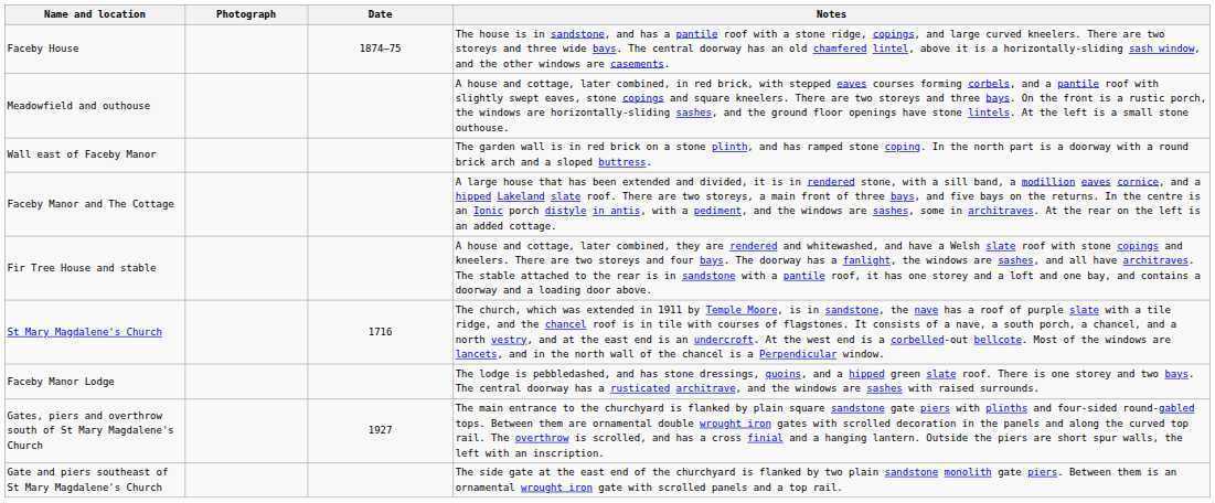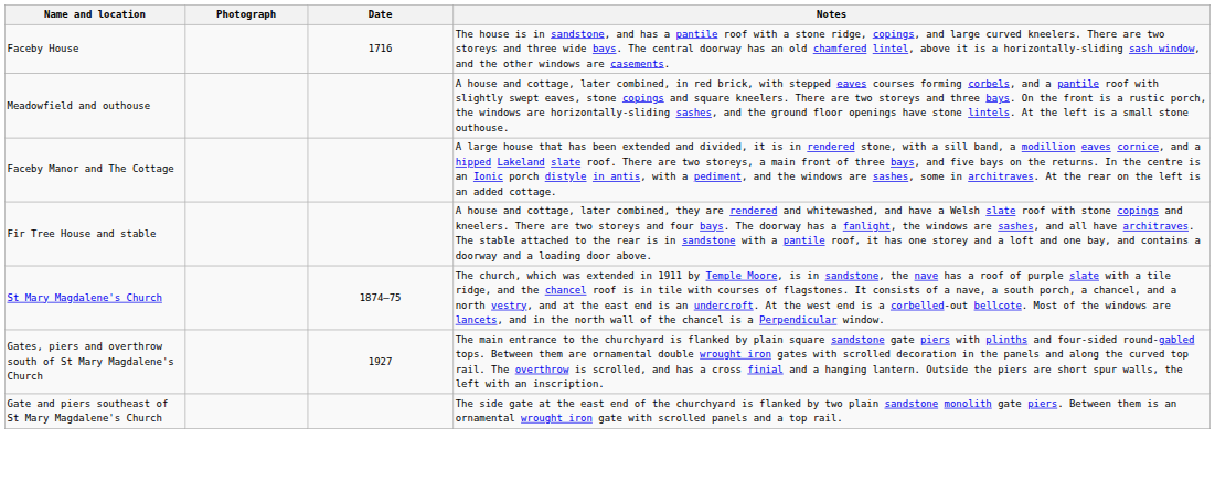 <table class="wikitable sortable plainrowheaders" style="width:100%;border:0px;text-align:left;line-height:150%;">
 <tr>
 <th scope="col"  style="width:150px">Name and location</th>
 <th scope="col"  style="width:100px" class="unsortable">Photograph</th>
 <th scope="col"  style="width:120px">Date</th>
 <th scope="col"  style="width:650px" class="unsortable">Notes</th>
 </tr>
 <tr>
 <td>Faceby House<br><small></small></td>
 <td></td>
-<td align="center">1874–75</td>
+<td align="center">1716</td>
 <td>The house is in <a href='#'>sandstone</a>, and has a <a href='#'>pantile</a> roof with a stone ridge, <a href='#'>copings</a>, and large curved kneelers.  There are two storeys and three wide <a href='#'>bays</a>.  The central doorway has an old <a href='#'>chamfered</a> <a href='#'>lintel</a>, above it is a horizontally-sliding <a href='#'>sash window</a>, and the other windows are <a href='#'>casements</a>.</td>
 </tr>
 <tr>
 <td>Meadowfield and outhouse<br><small></small></td>
 <td></td>
 <td align="center"></td>
 <td>A house and cottage, later combined, in red brick, with stepped <a href='#'>eaves</a> courses forming <a href='#'>corbels</a>, and a <a href='#'>pantile</a> roof with slightly swept eaves, stone <a href='#'>copings</a> and square kneelers.  There are two storeys and three <a href='#'>bays</a>.  On the front is a rustic porch, the windows are horizontally-sliding <a href='#'>sashes</a>, and the ground floor openings have stone <a href='#'>lintels</a>.  At the left is a small stone outhouse.</td>
-</tr>
-<tr>
-<td>Wall east of Faceby Manor<br><small></small></td>
-<td></td>
-<td align="center"></td>
-<td>The garden wall is in red brick on a stone <a href='#'>plinth</a>, and has ramped stone <a href='#'>coping</a>.  In the north part is a doorway with a round brick arch and a sloped <a href='#'>buttress</a>.</td>
 </tr>
 <tr>
 <td>Faceby Manor and The Cottage<br><small></small></td>
 <td></td>
 <td align="center"></td>
 <td>A large house that has been extended and divided, it is in <a href='#'>rendered</a> stone, with a sill band, a <a href='#'>modillion</a> <a href='#'>eaves</a> <a href='#'>cornice</a>, and a <a href='#'>hipped</a> <a href='#'>Lakeland</a> <a href='#'>slate</a> roof.  There are two storeys, a main front of three <a href='#'>bays</a>, and five bays on the returns.  In the centre is an <a href='#'>Ionic</a> porch <a href='#'>distyle</a> <a href='#'>in antis</a>, with a <a href='#'>pediment</a>, and the windows are <a href='#'>sashes</a>, some in <a href='#'>architraves</a>. At the rear on the left is an added cottage.</td>
 </tr>
 <tr>
 <td>Fir Tree House and stable<br><small></small></td>
 <td></td>
 <td align="center"></td>
 <td>A house and cottage, later combined, they are <a href='#'>rendered</a> and whitewashed, and have a Welsh <a href='#'>slate</a> roof with stone <a href='#'>copings</a> and kneelers.  There are two storeys and four <a href='#'>bays</a>.  The doorway has a <a href='#'>fanlight</a>, the windows are <a href='#'>sashes</a>, and all have <a href='#'>architraves</a>.  The stable attached to the rear is in <a href='#'>sandstone</a> with a <a href='#'>pantile</a> roof, it has one storey and a loft and one bay, and contains a doorway and a loading door above.</td>
 </tr>
 <tr>
 <td><a href='#'>St Mary Magdalene's Church</a><br><small></small></td>
 <td></td>
-<td align="center">1716</td>
+<td align="center">1874–75</td>
 <td>The church, which was extended in 1911 by <a href='#'>Temple Moore</a>, is in <a href='#'>sandstone</a>, the <a href='#'>nave</a> has a roof of purple <a href='#'>slate</a> with a tile ridge, and the <a href='#'>chancel</a> roof is in tile with courses of flagstones.  It consists of a nave, a south porch, a chancel, and a north <a href='#'>vestry</a>, and at the east end is an <a href='#'>undercroft</a>.  At the west end is a <a href='#'>corbelled</a>-out <a href='#'>bellcote</a>.  Most of the windows are <a href='#'>lancets</a>, and in the north wall of the chancel is a <a href='#'>Perpendicular</a> window.</td>
-</tr>
-<tr>
-<td>Faceby Manor Lodge<br><small></small></td>
-<td></td>
-<td align="center"></td>
-<td>The lodge is pebbledashed, and has stone dressings, <a href='#'>quoins</a>, and a <a href='#'>hipped</a> green <a href='#'>slate</a> roof.  There is one storey and two <a href='#'>bays</a>.  The central doorway has a <a href='#'>rusticated</a> <a href='#'>architrave</a>, and the windows are <a href='#'>sashes</a> with raised surrounds.</td>
 </tr>
 <tr>
 <td>Gates, piers and overthrow south of St Mary Magdalene's Church<br><small></small></td>
 <td></td>
 <td align="center">1927</td>
 <td>The main entrance to the churchyard is flanked by plain square <a href='#'>sandstone</a> gate <a href='#'>piers</a> with <a href='#'>plinths</a> and four-sided round-<a href='#'>gabled</a> tops.  Between them are ornamental double <a href='#'>wrought iron</a> gates with scrolled decoration in the panels and along the curved top rail.  The <a href='#'>overthrow</a> is scrolled, and has a cross <a href='#'>finial</a> and a hanging lantern.  Outside the piers are short spur walls, the left with an inscription.</td>
 </tr>
 <tr>
 <td>Gate and piers southeast of St Mary Magdalene's Church<br><small></small></td>
 <td></td>
 <td align="center"></td>
 <td>The side gate at the east end of the churchyard is flanked by two plain <a href='#'>sandstone</a> <a href='#'>monolith</a> gate <a href='#'>piers</a>.  Between them is an ornamental <a href='#'>wrought iron</a> gate with scrolled panels and a top rail.</td>
 </tr>
 <tr>
 </tr>
 </table>
